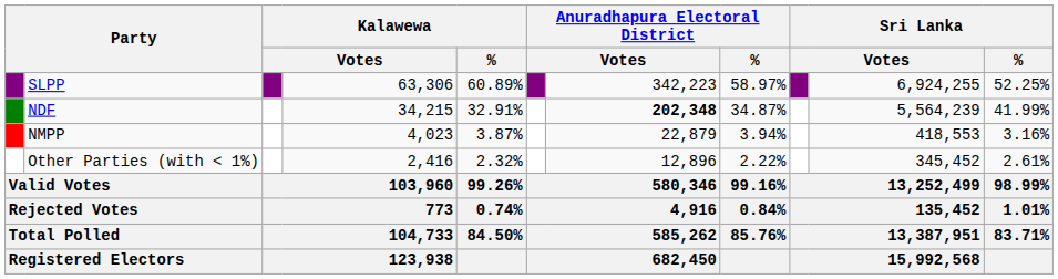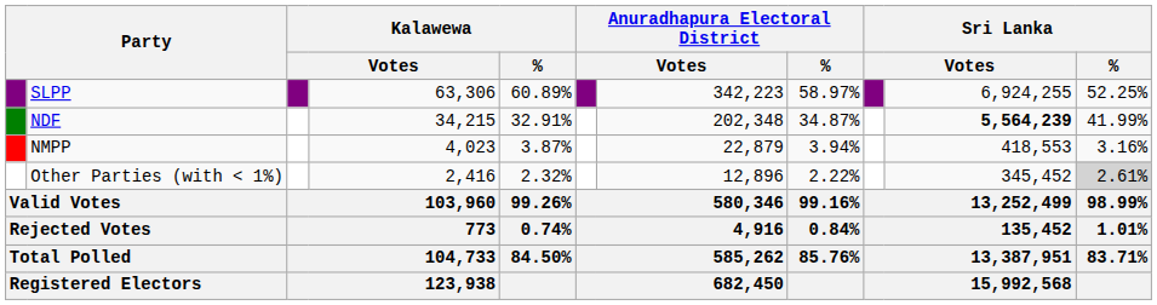 <table class="wikitable">
 <tr>
 <th colspan="2" width="144px"rowspan="2">Party</th>
 <th colspan="3" width="216px">Kalawewa</th>
 <th colspan="3" width="216px"><a href='#'>Anuradhapura Electoral District</a></th>
 <th colspan="3" width="216px">Sri Lanka</th>
 </tr>
 <tr>
 <th colspan="2" width="144px">Votes</th>
 <th>%</th>
 <th colspan="2" width="144px">Votes</th>
 <th>%</th>
 <th colspan="2" width="144px">Votes</th>
 <th>%</th>
 </tr>
 <tr>
 <td style="background-color:purple;" width="10px"></td>
 <td style="text-align:left;"><a href='#'>SLPP</a></td>
 <td style="background-color:purple;" width="10px"></td>
 <td style="text-align:right;">63,306</td>
 <td style="text-align:right;">60.89%</td>
 <td style="background-color:purple;" width="10px"></td>
 <td style="text-align:right;">342,223</td>
 <td style="text-align:right;">58.97%</td>
 <td style="background-color:purple;" width="10px"></td>
 <td style="text-align:right;">6,924,255</td>
 <td style="text-align:right;">52.25%</td>
 </tr>
 <tr>
 <td style="background-color:green;" width="10px"></td>
 <td style="text-align:left;"><a href='#'>NDF</a></td>
 <td style="background-color:white;" width="10px"></td>
 <td style="text-align:right;">34,215</td>
 <td style="text-align:right;">32.91%</td>
 <td style="background-color:white;" width="10px"></td>
-<td style="text-align:right;"><strong>202,348</strong></td>
+<td style="text-align:right;">202,348</td>
 <td style="text-align:right;">34.87%</td>
 <td style="background-color:white;" width="10px"></td>
-<td style="text-align:right;">5,564,239</td>
+<td style="text-align:right;"><strong>5,564,239</strong></td>
 <td style="text-align:right;">41.99%</td>
 </tr>
 <tr>
 <td style="background-color:red;" width="10px"></td>
 <td style="text-align:left;">NMPP</td>
 <td style="background-color:white;" width="10px"></td>
 <td style="text-align:right;">4,023</td>
 <td style="text-align:right;">3.87%</td>
 <td style="background-color:white;" width="10px"></td>
 <td style="text-align:right;">22,879</td>
 <td style="text-align:right;">3.94%</td>
 <td style="background-color:white;" width="10px"></td>
 <td style="text-align:right;">418,553</td>
 <td style="text-align:right;">3.16%</td>
 </tr>
 <tr>
 <td style="background-color:white;" width="10px"></td>
 <td style="text-align:left;">Other Parties (with < 1%)</td>
 <td style="background-color:white;" width="10px"></td>
 <td style="text-align:right;">2,416</td>
 <td style="text-align:right;">2.32%</td>
 <td style="background-color:white;" width="10px"></td>
 <td style="text-align:right;">12,896</td>
 <td style="text-align:right;">2.22%</td>
 <td style="background-color:white;" width="10px"></td>
 <td style="text-align:right;">345,452</td>
-<td style="text-align:right;">2.61%</td>
+<td style="background: lightgrey; text-align:right;">2.61%</td>
 </tr>
 <tr>
 <th colspan="2" width="144px"style="text-align:left;">Valid Votes</th>
 <th style="text-align:right;"colspan="2" width="144px">103,960</th>
 <th style="text-align:right;">99.26%</th>
 <th style="text-align:right;"colspan="2" width="144px">580,346</th>
 <th style="text-align:right;">99.16%</th>
 <th style="text-align:right;"colspan="2" width="144px">13,252,499</th>
 <th style="text-align:right;">98.99%</th>
 </tr>
 <tr>
 <th colspan="2" width="144px"style="text-align:left;">Rejected Votes</th>
 <th style="text-align:right;"colspan="2" width="144px">773</th>
 <th style="text-align:right;">0.74%</th>
 <th style="text-align:right;"colspan="2" width="144px">4,916</th>
 <th style="text-align:right;">0.84%</th>
 <th style="text-align:right;"colspan="2" width="144px">135,452</th>
 <th style="text-align:right;">1.01%</th>
 </tr>
 <tr>
 <th colspan="2" width="144px"style="text-align:left;">Total Polled</th>
 <th style="text-align:right;"colspan="2" width="144px">104,733</th>
 <th style="text-align:right;">84.50%</th>
 <th style="text-align:right;"colspan="2" width="144px">585,262</th>
 <th style="text-align:right;">85.76%</th>
 <th style="text-align:right;"colspan="2" width="144px">13,387,951</th>
 <th style="text-align:right;">83.71%</th>
 </tr>
 <tr>
 <th colspan="2" width="144px"style="text-align:left;">Registered Electors</th>
 <th style="text-align:right;"colspan="2" width="144px">123,938</th>
 <th></th>
 <th style="text-align:right;"colspan="2" width="144px">682,450</th>
 <th></th>
 <th style="text-align:right;"colspan="2" width="144px">15,992,568</th>
 <th></th>
 </tr>
 </table>
